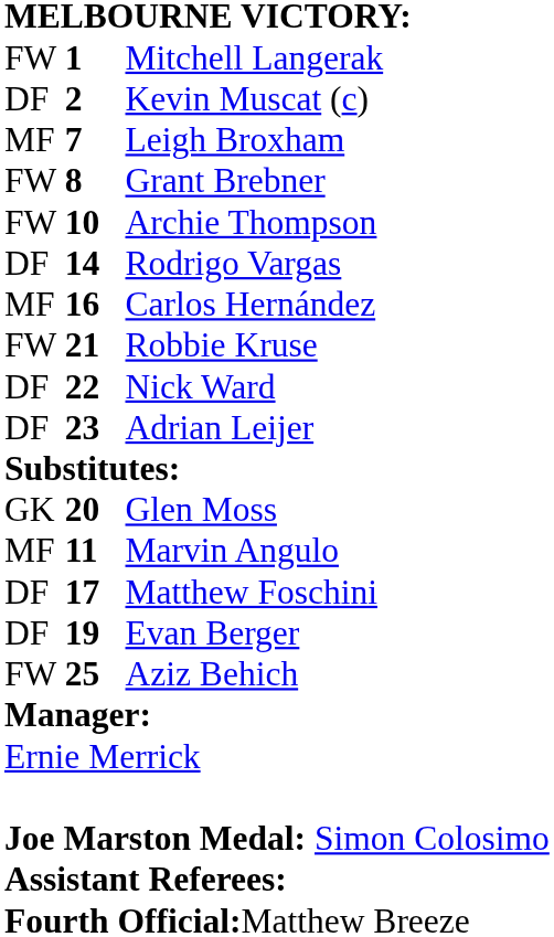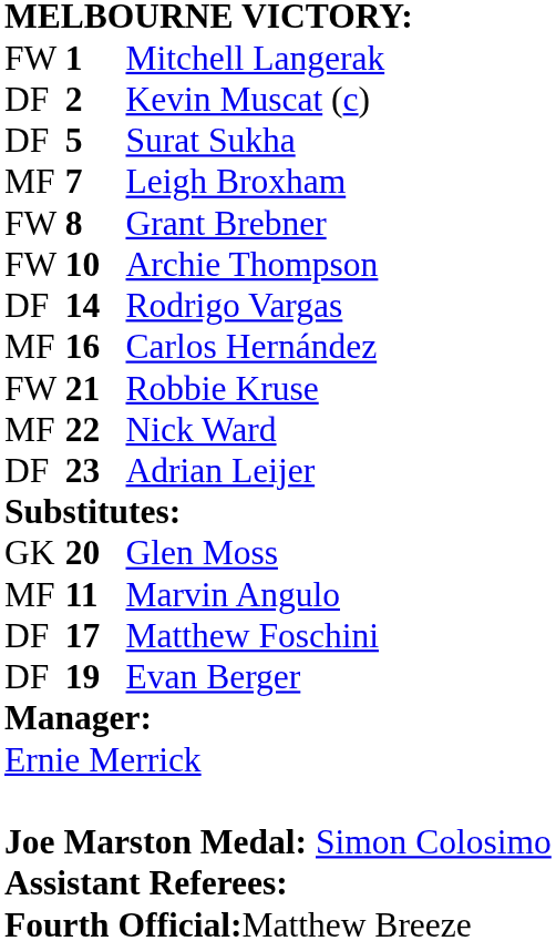 <table style="font-size: 90%" cellspacing="0" cellpadding="0">
 <tr>
 <td colspan="4"><strong>MELBOURNE VICTORY:</strong></td>
 </tr>
 <tr>
 <th width="25"></th>
 <th width="25"></th>
 </tr>
 <tr>
 <td>FW</td>
 <td><strong>1</strong></td>
 <td> <a href='#'>Mitchell Langerak</a></td>
 </tr>
 <tr>
 <td>DF</td>
 <td><strong>2</strong></td>
 <td> <a href='#'>Kevin Muscat</a> (<a href='#'>c</a>)</td>
+<td></td>
+<td></td>
+<td></td>
+</tr>
+<tr>
+<td>DF</td>
+<td><strong>5</strong></td>
+<td> <a href='#'>Surat Sukha</a></td>
 <td></td>
 <td></td>
 <td></td>
 </tr>
 <tr>
 <td>MF</td>
 <td><strong>7</strong></td>
 <td> <a href='#'>Leigh Broxham</a></td>
 </tr>
 <tr>
 <td>FW</td>
 <td><strong>8</strong></td>
 <td> <a href='#'>Grant Brebner</a></td>
 </tr>
 <tr>
 <td>FW</td>
 <td><strong>10</strong></td>
 <td> <a href='#'>Archie Thompson</a></td>
 <td></td>
 <td></td>
 <td></td>
 </tr>
 <tr>
 <td>DF</td>
 <td><strong>14</strong></td>
 <td> <a href='#'>Rodrigo Vargas</a></td>
 </tr>
 <tr>
 <td>MF</td>
 <td><strong>16</strong></td>
 <td> <a href='#'>Carlos Hernández</a></td>
 </tr>
 <tr>
 <td>FW</td>
 <td><strong>21</strong></td>
 <td> <a href='#'>Robbie Kruse</a></td>
 </tr>
 <tr>
-<td>DF</td>
+<td>MF</td>
 <td><strong>22</strong></td>
 <td> <a href='#'>Nick Ward</a></td>
 <td></td>
 <td></td>
 <td></td>
 </tr>
 <tr>
 <td>DF</td>
 <td><strong>23</strong></td>
 <td> <a href='#'>Adrian Leijer</a></td>
 <td></td>
 <td></td>
 <td></td>
 </tr>
 <tr>
 <td colspan=3><strong>Substitutes:</strong></td>
 </tr>
 <tr>
 <td>GK</td>
 <td><strong>20</strong></td>
 <td> <a href='#'>Glen Moss</a></td>
 </tr>
 <tr>
 <td>MF</td>
 <td><strong>11</strong></td>
 <td> <a href='#'>Marvin Angulo</a></td>
 <td></td>
 <td></td>
 <td></td>
 </tr>
 <tr>
 <td>DF</td>
 <td><strong>17</strong></td>
 <td> <a href='#'>Matthew Foschini</a></td>
 </tr>
 <tr>
 <td>DF</td>
 <td><strong>19</strong></td>
 <td> <a href='#'>Evan Berger</a></td>
 <td></td>
 <td></td>
 <td></td>
 </tr>
 <tr>
-<td>FW</td>
-<td><strong>25</strong></td>
-<td> <a href='#'>Aziz Behich</a></td>
-<td></td>
-<td></td>
-<td></td>
-</tr>
-<tr>
 <td colspan=3><strong>Manager:</strong></td>
 </tr>
 <tr>
 <td colspan=6> <a href='#'>Ernie Merrick</a><br><br><strong>Joe Marston Medal:</strong>  <a href='#'>Simon Colosimo</a><br><strong>Assistant Referees:</strong> <br><strong>Fourth Official:</strong>Matthew Breeze</td>
 </tr>
 </table>
